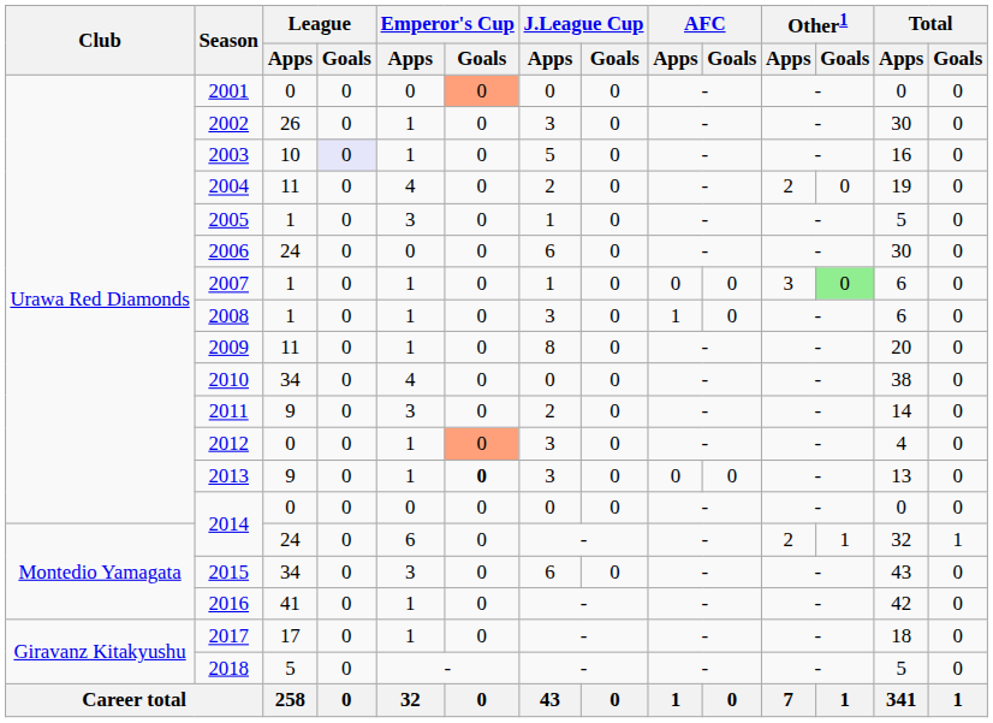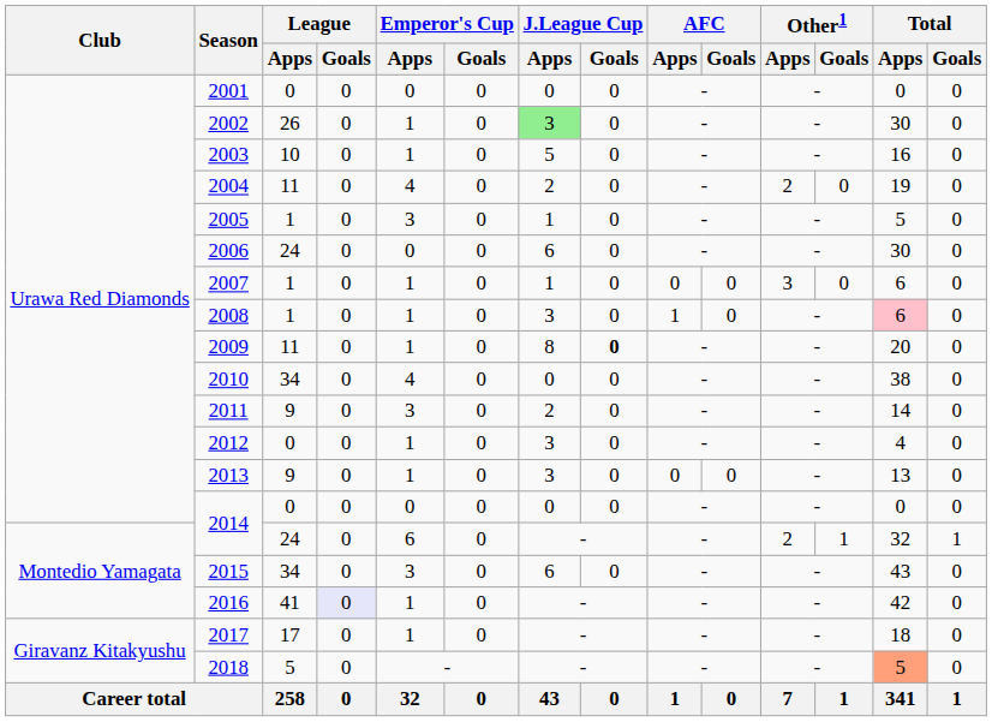 <table class="wikitable" style="text-align:center;">
 <tr>
 <th rowspan="2">Club</th>
 <th rowspan="2">Season</th>
 <th colspan="2">League</th>
 <th colspan="2"><a href='#'>Emperor's Cup</a></th>
 <th colspan="2"><a href='#'>J.League Cup</a></th>
 <th colspan="2"><a href='#'>AFC</a></th>
 <th colspan="2">Other<sup><a href='#'>1</a></sup></th>
 <th colspan="2">Total</th>
 </tr>
 <tr>
 <th>Apps</th>
 <th>Goals</th>
 <th>Apps</th>
 <th>Goals</th>
 <th>Apps</th>
 <th>Goals</th>
 <th>Apps</th>
 <th>Goals</th>
 <th>Apps</th>
 <th>Goals</th>
 <th>Apps</th>
 <th>Goals</th>
 </tr>
 <tr>
 <td rowspan="14"><a href='#'>Urawa Red Diamonds</a></td>
 <td><a href='#'>2001</a></td>
 <td>0</td>
 <td>0</td>
 <td>0</td>
-<td style="background: lightsalmon;">0</td>
+<td>0</td>
 <td>0</td>
 <td>0</td>
 <td colspan="2">-</td>
 <td colspan="2">-</td>
 <td>0</td>
 <td>0</td>
 </tr>
 <tr>
 <td><a href='#'>2002</a></td>
 <td>26</td>
 <td>0</td>
 <td>1</td>
 <td>0</td>
-<td>3</td>
+<td style="background: lightgreen;">3</td>
 <td>0</td>
 <td colspan="2">-</td>
 <td colspan="2">-</td>
 <td>30</td>
 <td>0</td>
 </tr>
 <tr>
 <td><a href='#'>2003</a></td>
 <td>10</td>
-<td style="background: lavender;">0</td>
+<td>0</td>
 <td>1</td>
 <td>0</td>
 <td>5</td>
 <td>0</td>
 <td colspan="2">-</td>
 <td colspan="2">-</td>
 <td>16</td>
 <td>0</td>
 </tr>
 <tr>
 <td><a href='#'>2004</a></td>
 <td>11</td>
 <td>0</td>
 <td>4</td>
 <td>0</td>
 <td>2</td>
 <td>0</td>
 <td colspan="2">-</td>
 <td>2</td>
 <td>0</td>
 <td>19</td>
 <td>0</td>
 </tr>
 <tr>
 <td><a href='#'>2005</a></td>
 <td>1</td>
 <td>0</td>
 <td>3</td>
 <td>0</td>
 <td>1</td>
 <td>0</td>
 <td colspan="2">-</td>
 <td colspan="2">-</td>
 <td>5</td>
 <td>0</td>
 </tr>
 <tr>
 <td><a href='#'>2006</a></td>
 <td>24</td>
 <td>0</td>
 <td>0</td>
 <td>0</td>
 <td>6</td>
 <td>0</td>
 <td colspan="2">-</td>
 <td colspan="2">-</td>
 <td>30</td>
 <td>0</td>
 </tr>
 <tr>
 <td><a href='#'>2007</a></td>
 <td>1</td>
 <td>0</td>
 <td>1</td>
 <td>0</td>
 <td>1</td>
 <td>0</td>
 <td>0</td>
 <td>0</td>
 <td>3</td>
-<td style="background: lightgreen;">0</td>
+<td>0</td>
 <td>6</td>
 <td>0</td>
 </tr>
 <tr>
 <td><a href='#'>2008</a></td>
 <td>1</td>
 <td>0</td>
 <td>1</td>
 <td>0</td>
 <td>3</td>
 <td>0</td>
 <td>1</td>
 <td>0</td>
 <td colspan="2">-</td>
-<td>6</td>
+<td style="background: pink;">6</td>
 <td>0</td>
 </tr>
 <tr>
 <td><a href='#'>2009</a></td>
 <td>11</td>
 <td>0</td>
 <td>1</td>
 <td>0</td>
 <td>8</td>
-<td>0</td>
+<td><strong>0</strong></td>
 <td colspan="2">-</td>
 <td colspan="2">-</td>
 <td>20</td>
 <td>0</td>
 </tr>
 <tr>
 <td><a href='#'>2010</a></td>
 <td>34</td>
 <td>0</td>
 <td>4</td>
 <td>0</td>
 <td>0</td>
 <td>0</td>
 <td colspan="2">-</td>
 <td colspan="2">-</td>
 <td>38</td>
 <td>0</td>
 </tr>
 <tr>
 <td><a href='#'>2011</a></td>
 <td>9</td>
 <td>0</td>
 <td>3</td>
 <td>0</td>
 <td>2</td>
 <td>0</td>
 <td colspan="2">-</td>
 <td colspan="2">-</td>
 <td>14</td>
 <td>0</td>
 </tr>
 <tr>
 <td><a href='#'>2012</a></td>
 <td>0</td>
 <td>0</td>
 <td>1</td>
-<td style="background: lightsalmon;">0</td>
+<td>0</td>
 <td>3</td>
 <td>0</td>
 <td colspan="2">-</td>
 <td colspan="2">-</td>
 <td>4</td>
 <td>0</td>
 </tr>
 <tr>
 <td><a href='#'>2013</a></td>
 <td>9</td>
 <td>0</td>
 <td>1</td>
-<td><strong>0</strong></td>
+<td>0</td>
 <td>3</td>
 <td>0</td>
 <td>0</td>
 <td>0</td>
 <td colspan="2">-</td>
 <td>13</td>
 <td>0</td>
 </tr>
 <tr>
 <td rowspan="2"><a href='#'>2014</a></td>
 <td>0</td>
 <td>0</td>
 <td>0</td>
 <td>0</td>
 <td>0</td>
 <td>0</td>
 <td colspan="2">-</td>
 <td colspan="2">-</td>
 <td>0</td>
 <td>0</td>
 </tr>
 <tr>
 <td rowspan="3"><a href='#'>Montedio Yamagata</a></td>
 <td>24</td>
 <td>0</td>
 <td>6</td>
 <td>0</td>
 <td colspan="2">-</td>
 <td colspan="2">-</td>
 <td>2</td>
 <td>1</td>
 <td>32</td>
 <td>1</td>
 </tr>
 <tr>
 <td><a href='#'>2015</a></td>
 <td>34</td>
 <td>0</td>
 <td>3</td>
 <td>0</td>
 <td>6</td>
 <td>0</td>
 <td colspan="2">-</td>
 <td colspan="2">-</td>
 <td>43</td>
 <td>0</td>
 </tr>
 <tr>
 <td><a href='#'>2016</a></td>
 <td>41</td>
-<td>0</td>
+<td style="background: lavender;">0</td>
 <td>1</td>
 <td>0</td>
 <td colspan="2">-</td>
 <td colspan="2">-</td>
 <td colspan="2">-</td>
 <td>42</td>
 <td>0</td>
 </tr>
 <tr>
 <td rowspan="2"><a href='#'>Giravanz Kitakyushu</a></td>
 <td><a href='#'>2017</a></td>
 <td>17</td>
 <td>0</td>
 <td>1</td>
 <td>0</td>
 <td colspan="2">-</td>
 <td colspan="2">-</td>
 <td colspan="2">-</td>
 <td>18</td>
 <td>0</td>
 </tr>
 <tr>
 <td><a href='#'>2018</a></td>
 <td>5</td>
 <td>0</td>
 <td colspan="2">-</td>
 <td colspan="2">-</td>
 <td colspan="2">-</td>
 <td colspan="2">-</td>
-<td>5</td>
+<td style="background: lightsalmon;">5</td>
 <td>0</td>
 </tr>
 <tr>
 <th colspan="2">Career total</th>
 <th>258</th>
 <th>0</th>
 <th>32</th>
 <th>0</th>
 <th>43</th>
 <th>0</th>
 <th>1</th>
 <th>0</th>
 <th>7</th>
 <th>1</th>
 <th>341</th>
 <th>1</th>
 </tr>
 </table>
